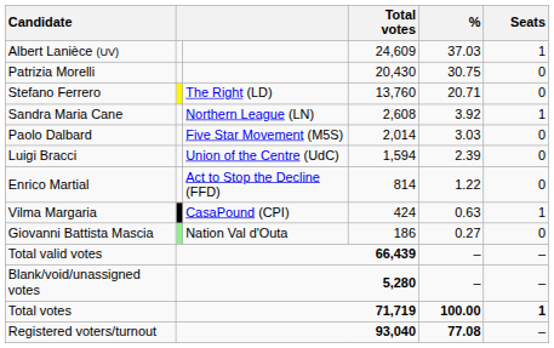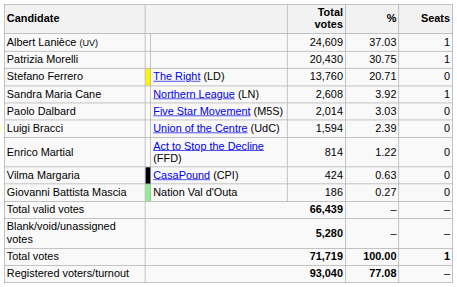 <table class="wikitable" style="width:660px">
 <tr>
 <th style="width:29%; text-align:left;">Candidate</th>
 <th colspan="2" style="width:29%; text-align:left;"></th>
 <th style="width:12%; text-align:right;">Total votes</th>
 <th style="width:11%; text-align:right;">%</th>
 <th style="width:11%; text-align:right;">Seats</th>
 </tr>
 <tr>
 <td style="text-align:left;">Albert Lanièce <small>(UV)</small></td>
 <td style="background:"></td>
 <td style="text-align:left;"></td>
 <td style="text-align:right;">24,609</td>
 <td style="text-align:right;">37.03</td>
 <td style="text-align:right;">1</td>
 </tr>
 <tr>
 <td style="text-align:left;">Patrizia Morelli</td>
 <td></td>
 <td style="text-align:left;"></td>
 <td style="text-align:right;">20,430</td>
 <td style="text-align:right;">30.75</td>
-<td style="text-align:right;">0</td>
+<td style="text-align:right;">1</td>
 </tr>
 <tr>
 <td style="text-align:left;">Stefano Ferrero</td>
 <td style="background:#fff500;"></td>
 <td style="text-align:left;"><a href='#'>The Right</a> (LD)</td>
 <td style="text-align:right;">13,760</td>
 <td style="text-align:right;">20.71</td>
 <td style="text-align:right;">0</td>
 </tr>
 <tr>
 <td style="text-align:left;">Sandra Maria Cane</td>
 <td></td>
 <td style="text-align:left;"><a href='#'>Northern League</a> (LN)</td>
 <td style="text-align:right;">2,608</td>
 <td style="text-align:right;">3.92</td>
 <td style="text-align:right;">1</td>
 </tr>
 <tr>
 <td style="text-align:left;">Paolo Dalbard</td>
 <td></td>
 <td style="text-align:left;"><a href='#'>Five Star Movement</a> (M5S)</td>
 <td style="text-align:right;">2,014</td>
 <td style="text-align:right;">3.03</td>
 <td style="text-align:right;">0</td>
 </tr>
 <tr>
 <td style="text-align:left;">Luigi Bracci</td>
 <td></td>
 <td style="text-align:left;"><a href='#'>Union of the Centre</a> (UdC)</td>
 <td style="text-align:right;">1,594</td>
 <td style="text-align:right;">2.39</td>
 <td style="text-align:right;">0</td>
 </tr>
 <tr>
 <td style="text-align:left;">Enrico Martial</td>
 <td></td>
 <td style="text-align:left;"><a href='#'>Act to Stop the Decline</a> (FFD)</td>
 <td style="text-align:right;">814</td>
 <td style="text-align:right;">1.22</td>
 <td style="text-align:right;">0</td>
 </tr>
 <tr>
 <td style="text-align:left;">Vilma Margaria</td>
 <td style="background:black;"></td>
 <td style="text-align:left;"><a href='#'>CasaPound</a> (CPI)</td>
 <td style="text-align:right;">424</td>
 <td style="text-align:right;">0.63</td>
-<td style="text-align:right;">1</td>
+<td style="text-align:right;">0</td>
 </tr>
 <tr>
 <td style="text-align:left;">Giovanni Battista Mascia</td>
 <td style="background:lightgreen;"></td>
 <td style="text-align:left;">Nation Val d'Outa</td>
 <td style="text-align:right;">186</td>
 <td style="text-align:right;">0.27</td>
 <td style="text-align:right;">0</td>
 </tr>
 <tr>
 <td style="text-align:left;">Total valid votes</td>
 <td style="text-align:right;" colspan="3"><strong>66,439</strong></td>
 <td style="text-align:right;">–</td>
 <td style="text-align:right;">–</td>
 </tr>
 <tr>
 <td style="text-align:left;">Blank/void/unassigned votes</td>
 <td style="text-align:right;" colspan="3"><strong>5,280</strong></td>
 <td style="text-align:right;">–</td>
 <td style="text-align:right;">–</td>
 </tr>
 <tr>
 <td style="text-align:left;">Total votes</td>
 <td style="text-align:right;" colspan="3"><strong>71,719</strong></td>
 <td style="text-align:right;"><strong>100.00</strong></td>
 <td style="text-align:right;"><strong>1</strong></td>
 </tr>
 <tr>
 <td style="text-align:left;">Registered voters/turnout</td>
 <td style="text-align:right;" colspan="3"><strong>93,040</strong></td>
 <td style="text-align:right;"><strong>77.08</strong></td>
 <td style="text-align:right;">–</td>
 </tr>
 </table>
